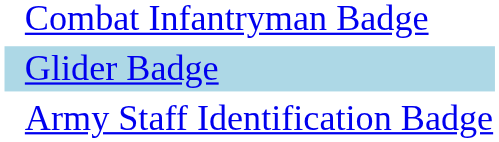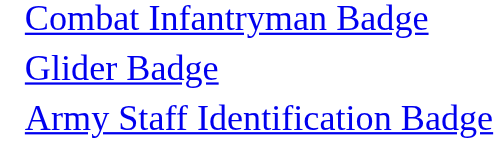 <table>
 <tr>
 <td>  <a href='#'>Combat Infantryman Badge</a></td>
 </tr>
 <tr>
-<td style="background: lightblue;">  <a href='#'>Glider Badge</a></td>
+<td>  <a href='#'>Glider Badge</a></td>
 </tr>
 <tr>
 <td>  <a href='#'>Army Staff Identification Badge</a></td>
 </tr>
 </table>
